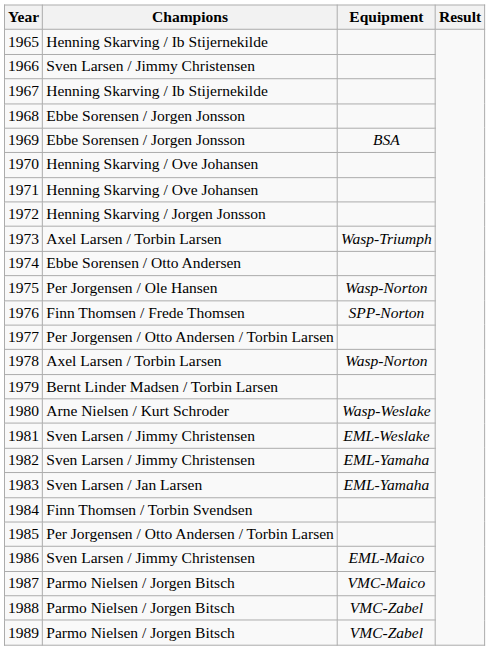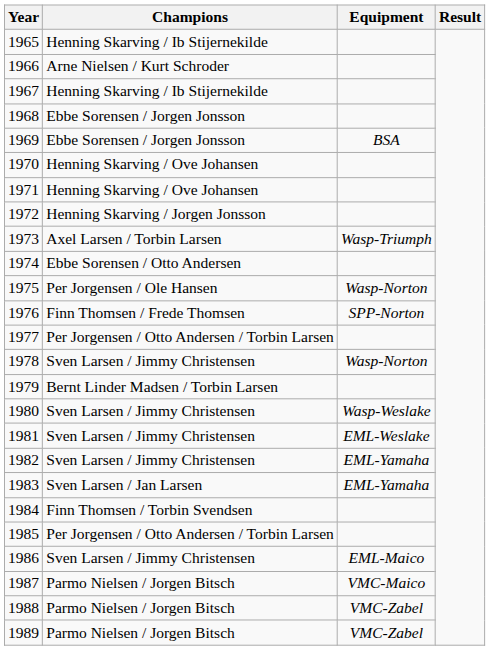 <table class="wikitable" style="display:inline-table;">
 <tr>
 <th>Year</th>
 <th>Champions</th>
 <th>Equipment</th>
 <th>Result</th>
 </tr>
 <tr align="center">
 <td>1965</td>
 <td align="left">Henning Skarving / Ib Stijernekilde</td>
 <td></td>
 <td rowspan=25></td>
 </tr>
 <tr align="center">
 <td>1966</td>
-<td align="left">Sven Larsen / Jimmy Christensen</td>
+<td align="left">Arne Nielsen / Kurt Schroder</td>
 <td></td>
 </tr>
 <tr align="center">
 <td>1967</td>
 <td align="left">Henning Skarving / Ib Stijernekilde</td>
 <td></td>
 </tr>
 <tr align="center">
 <td>1968</td>
 <td align="left">Ebbe Sorensen / Jorgen Jonsson</td>
 <td></td>
 </tr>
 <tr align="center">
 <td>1969</td>
 <td align="left">Ebbe Sorensen / Jorgen Jonsson</td>
 <td><em>BSA</em></td>
 </tr>
 <tr align="center">
 <td>1970</td>
 <td align="left">Henning Skarving / Ove Johansen</td>
 <td></td>
 </tr>
 <tr align="center">
 <td>1971</td>
 <td align="left">Henning Skarving / Ove Johansen</td>
 <td></td>
 </tr>
 <tr align="center">
 <td>1972</td>
 <td align="left">Henning Skarving / Jorgen Jonsson</td>
 <td></td>
 </tr>
 <tr align="center">
 <td>1973</td>
 <td align="left">Axel Larsen / Torbin Larsen</td>
 <td><em>Wasp-Triumph</em></td>
 </tr>
 <tr align="center">
 <td>1974</td>
 <td align="left">Ebbe Sorensen / Otto Andersen</td>
 <td></td>
 </tr>
 <tr align="center">
 <td>1975</td>
 <td align="left">Per Jorgensen / Ole Hansen</td>
 <td><em>Wasp-Norton</em></td>
 </tr>
 <tr align="center">
 <td>1976</td>
 <td align="left">Finn Thomsen / Frede Thomsen</td>
 <td><em>SPP-Norton</em></td>
 </tr>
 <tr align="center">
 <td>1977</td>
 <td align="left">Per Jorgensen / Otto Andersen / Torbin Larsen</td>
 <td></td>
 </tr>
 <tr align="center">
 <td>1978</td>
-<td align="left">Axel Larsen / Torbin Larsen</td>
+<td align="left">Sven Larsen / Jimmy Christensen</td>
 <td><em>Wasp-Norton</em></td>
 </tr>
 <tr align="center">
 <td>1979</td>
 <td align="left">Bernt Linder Madsen / Torbin Larsen</td>
 <td></td>
 </tr>
 <tr align="center">
 <td>1980</td>
-<td align="left">Arne Nielsen / Kurt Schroder</td>
+<td align="left">Sven Larsen / Jimmy Christensen</td>
 <td><em>Wasp-Weslake</em></td>
 </tr>
 <tr align="center">
 <td>1981</td>
 <td align="left">Sven Larsen / Jimmy Christensen</td>
 <td><em>EML-Weslake</em></td>
 </tr>
 <tr align="center">
 <td>1982</td>
 <td align="left">Sven Larsen / Jimmy Christensen</td>
 <td><em>EML-Yamaha</em></td>
 </tr>
 <tr align="center">
 <td>1983</td>
 <td align="left">Sven Larsen / Jan Larsen</td>
 <td><em>EML-Yamaha</em></td>
 </tr>
 <tr align="center">
 <td>1984</td>
 <td align="left">Finn Thomsen / Torbin Svendsen</td>
 <td></td>
 </tr>
 <tr align="center">
 <td>1985</td>
 <td align="left">Per Jorgensen / Otto Andersen / Torbin Larsen</td>
 <td></td>
 </tr>
 <tr align="center">
 <td>1986</td>
 <td align="left">Sven Larsen / Jimmy Christensen</td>
 <td><em>EML-Maico</em></td>
 </tr>
 <tr align="center">
 <td>1987</td>
 <td align="left">Parmo Nielsen / Jorgen Bitsch</td>
 <td><em>VMC-Maico</em></td>
 </tr>
 <tr align="center">
 <td>1988</td>
 <td align="left">Parmo Nielsen / Jorgen Bitsch</td>
 <td><em>VMC-Zabel</em></td>
 </tr>
 <tr align="center">
 <td>1989</td>
 <td align="left">Parmo Nielsen / Jorgen Bitsch</td>
 <td><em>VMC-Zabel</em></td>
 </tr>
 </table>
